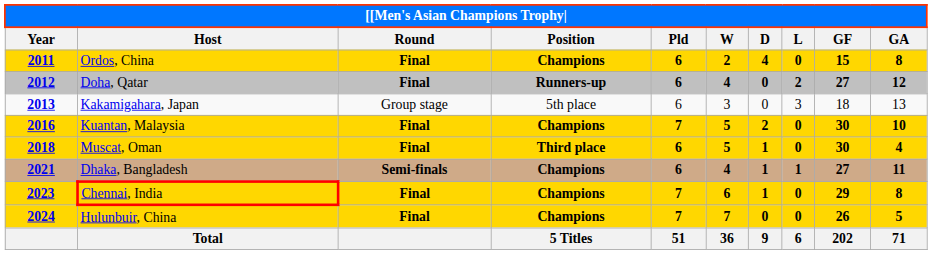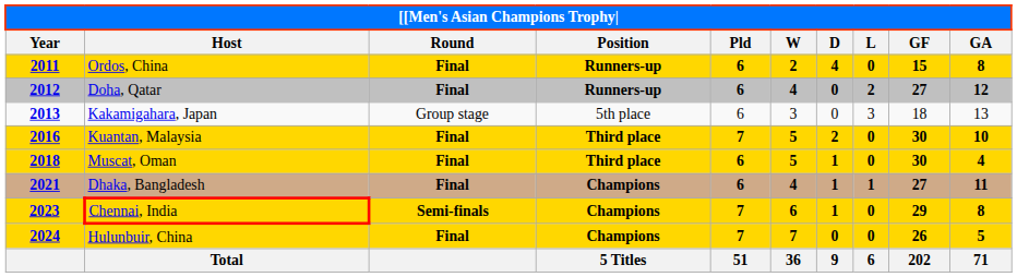 <table class="wikitable" style="text-align: center; width:85%">
 <tr>
 <th colspan=10 style="background: #0077FF;border: 2px solid #ff3300;color: #FFFFFF;">[[Men's Asian Champions Trophy|</th>
 </tr>
 <tr>
 <th>Year</th>
 <th>Host</th>
 <th>Round</th>
 <th>Position</th>
 <th>Pld</th>
 <th>W</th>
 <th>D</th>
 <th>L</th>
 <th>GF</th>
 <th>GA</th>
 </tr>
 <tr bgcolor=Gold>
 <td><strong><a href='#'>2011</a></strong></td>
 <td align=left> <a href='#'>Ordos</a>, China</td>
 <td><strong>Final</strong></td>
-<td><strong>Champions</strong></td>
+<td><strong>Runners-up</strong></td>
 <td><strong>6</strong></td>
 <td><strong>2</strong></td>
 <td><strong>4</strong></td>
 <td><strong>0</strong></td>
 <td><strong>15</strong></td>
 <td><strong>8</strong></td>
 </tr>
 <tr bgcolor=Silver>
 <td><strong><a href='#'>2012</a></strong></td>
 <td align=left> <a href='#'>Doha</a>, Qatar</td>
 <td><strong>Final</strong></td>
 <td><strong>Runners-up</strong></td>
 <td><strong>6</strong></td>
 <td><strong>4</strong></td>
 <td><strong>0</strong></td>
 <td><strong>2</strong></td>
 <td><strong>27</strong></td>
 <td><strong>12</strong></td>
 </tr>
 <tr>
 <td><strong><a href='#'>2013</a></strong></td>
 <td align=left> <a href='#'>Kakamigahara</a>, Japan</td>
 <td>Group stage</td>
 <td>5th place</td>
 <td>6</td>
 <td>3</td>
 <td>0</td>
 <td>3</td>
 <td>18</td>
 <td>13</td>
 </tr>
 <tr bgcolor=Gold>
 <td><strong><a href='#'>2016</a></strong></td>
 <td align=left> <a href='#'>Kuantan</a>, Malaysia</td>
 <td><strong>Final</strong></td>
-<td><strong>Champions</strong></td>
+<td><strong>Third place</strong></td>
 <td><strong>7</strong></td>
 <td><strong>5</strong></td>
 <td><strong>2</strong></td>
 <td><strong>0</strong></td>
 <td><strong>30</strong></td>
 <td><strong>10</strong></td>
 </tr>
 <tr bgcolor=Gold>
 <td><strong><a href='#'>2018</a></strong></td>
 <td align=left> <a href='#'>Muscat</a>, Oman</td>
 <td><strong>Final</strong></td>
 <td><strong>Third place</strong></td>
 <td><strong>6</strong></td>
 <td><strong>5</strong></td>
 <td><strong>1</strong></td>
 <td><strong>0</strong></td>
 <td><strong>30</strong></td>
 <td><strong>4</strong></td>
 </tr>
 <tr bgcolor=#CFAA88>
 <td><strong><a href='#'>2021</a></strong></td>
 <td align=left> <a href='#'>Dhaka</a>, Bangladesh</td>
-<td><strong>Semi-finals</strong></td>
+<td><strong>Final</strong></td>
 <td><strong>Champions</strong></td>
 <td><strong>6</strong></td>
 <td><strong>4</strong></td>
 <td><strong>1</strong></td>
 <td><strong>1</strong></td>
 <td><strong>27</strong></td>
 <td><strong>11</strong></td>
 </tr>
 <tr bgcolor=Gold>
 <td><strong><a href='#'>2023</a></strong></td>
 <td style="border: 3px solid red"align=left> <a href='#'>Chennai</a>, India</td>
-<td><strong>Final</strong></td>
+<td><strong>Semi-finals</strong></td>
 <td><strong>Champions</strong></td>
 <td><strong>7</strong></td>
 <td><strong>6</strong></td>
 <td><strong>1</strong></td>
 <td><strong>0</strong></td>
 <td><strong>29</strong></td>
 <td><strong>8</strong></td>
 </tr>
 <tr bgcolor=Gold>
 <td><strong><a href='#'>2024</a></strong></td>
 <td align=left> <a href='#'>Hulunbuir</a>, China</td>
 <td><strong>Final</strong></td>
 <td><strong>Champions</strong></td>
 <td><strong>7</strong></td>
 <td><strong>7</strong></td>
 <td><strong>0</strong></td>
 <td><strong>0</strong></td>
 <td><strong>26</strong></td>
 <td><strong>5</strong></td>
 </tr>
 <tr>
 <th></th>
 <th>Total</th>
 <th></th>
 <th>5 Titles</th>
 <th>51</th>
 <th>36</th>
 <th>9</th>
 <th>6</th>
 <th>202</th>
 <th>71</th>
 </tr>
 </table>
